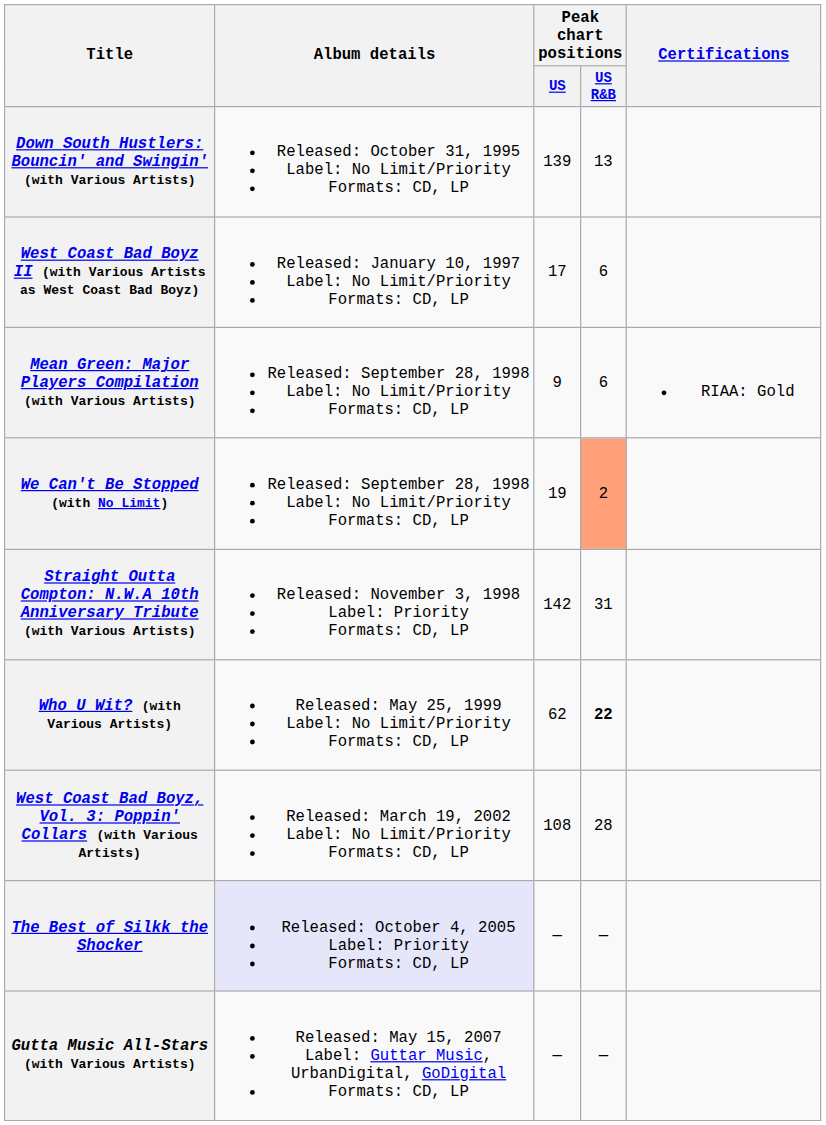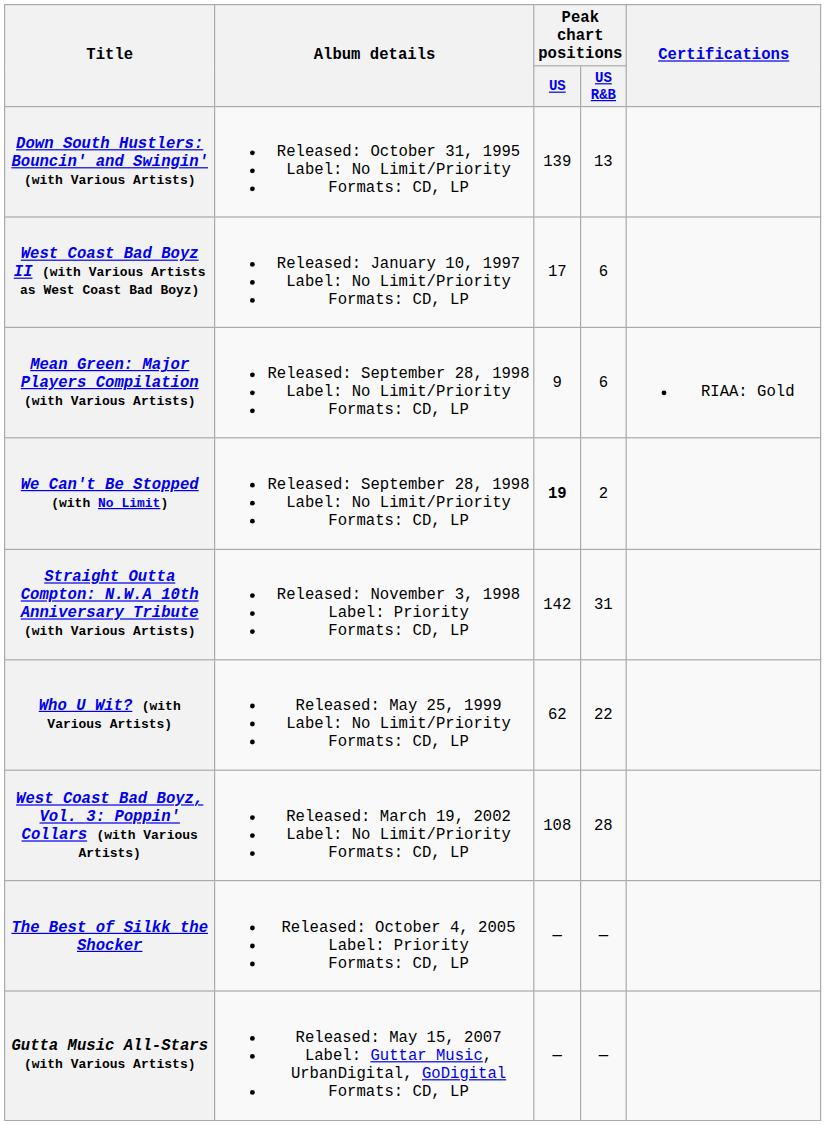 <table class="wikitable plainrowheaders" style="text-align:center;">
 <tr>
 <th scope="col" rowspan="2" style="width:13em;">Title</th>
 <th scope="col" rowspan="2" style="width:20em;">Album details</th>
 <th scope="col" colspan="2">Peak chart positions</th>
 <th scope="col" rowspan="2" style="width:12em;"><a href='#'>Certifications</a></th>
 </tr>
 <tr>
 <th scope="col" style="width:2.8em;font-size:90%;"><a href='#'>US</a><br></th>
 <th scope="col" style="width:2.8em;font-size:90%;"><a href='#'>US<br>R&B</a></th>
 </tr>
 <tr>
 <th scope="row"><em><a href='#'>Down South Hustlers: Bouncin' and Swingin'</a></em> <small>(with Various Artists)</small></th>
 <td><br><ul><li>Released: October 31, 1995</li><li>Label: No Limit/Priority</li><li>Formats: CD, LP</li></ul></td>
 <td>139</td>
 <td>13</td>
 <td></td>
 </tr>
 <tr>
 <th scope="row"><em><a href='#'>West Coast Bad Boyz II</a></em> <small>(with Various Artists as West Coast Bad Boyz)</small></th>
 <td><br><ul><li>Released: January 10, 1997</li><li>Label: No Limit/Priority</li><li>Formats: CD, LP</li></ul></td>
 <td>17</td>
 <td>6</td>
 <td></td>
 </tr>
 <tr>
 <th scope="row"><em><a href='#'>Mean Green: Major Players Compilation</a></em> <small>(with Various Artists)</small></th>
 <td><br><ul><li>Released: September 28, 1998</li><li>Label: No Limit/Priority</li><li>Formats: CD, LP</li></ul></td>
 <td>9</td>
 <td>6</td>
 <td><br><ul><li>RIAA: Gold</li></ul></td>
 </tr>
 <tr>
 <th scope="row"><em><a href='#'>We Can't Be Stopped</a></em> <small>(with <a href='#'>No Limit</a>)</small></th>
 <td><br><ul><li>Released: September 28, 1998</li><li>Label: No Limit/Priority</li><li>Formats: CD, LP</li></ul></td>
-<td>19</td>
-<td style="background: lightsalmon;">2</td>
+<td><strong>19</strong></td>
+<td>2</td>
 <td></td>
 </tr>
 <tr>
 <th scope="row"><em><a href='#'>Straight Outta Compton: N.W.A 10th Anniversary Tribute</a></em> <small>(with Various Artists)</small></th>
 <td><br><ul><li>Released: November 3, 1998</li><li>Label: Priority</li><li>Formats: CD, LP</li></ul></td>
 <td>142</td>
 <td>31</td>
 <td></td>
 </tr>
 <tr>
 <th scope="row"><em><a href='#'>Who U Wit?</a></em> <small>(with Various Artists)</small></th>
 <td><br><ul><li>Released: May 25, 1999</li><li>Label: No Limit/Priority</li><li>Formats: CD, LP</li></ul></td>
 <td>62</td>
-<td><strong>22</strong></td>
+<td>22</td>
 <td></td>
 </tr>
 <tr>
 <th scope="row"><em><a href='#'>West Coast Bad Boyz, Vol. 3: Poppin' Collars</a></em> <small>(with Various Artists)</small></th>
 <td><br><ul><li>Released: March 19, 2002</li><li>Label: No Limit/Priority</li><li>Formats: CD, LP</li></ul></td>
 <td>108</td>
 <td>28</td>
 <td></td>
 </tr>
 <tr>
 <th scope="row"><em><a href='#'>The Best of Silkk the Shocker</a></em></th>
-<td style="background: lavender;"><br><ul><li>Released: October 4, 2005</li><li>Label: Priority</li><li>Formats: CD, LP</li></ul></td>
+<td><br><ul><li>Released: October 4, 2005</li><li>Label: Priority</li><li>Formats: CD, LP</li></ul></td>
 <td>—</td>
 <td>—</td>
 <td></td>
 </tr>
 <tr>
 <th scope="row"><em>Gutta Music All-Stars</em><br><small>(with Various Artists)</small></th>
 <td><br><ul><li>Released: May 15, 2007</li><li>Label: <a href='#'>Guttar Music</a>, UrbanDigital, <a href='#'>GoDigital</a></li><li>Formats: CD, LP</li></ul></td>
 <td>—</td>
 <td>—</td>
 <td></td>
 </tr>
 <tr>
 </tr>
 </table>
